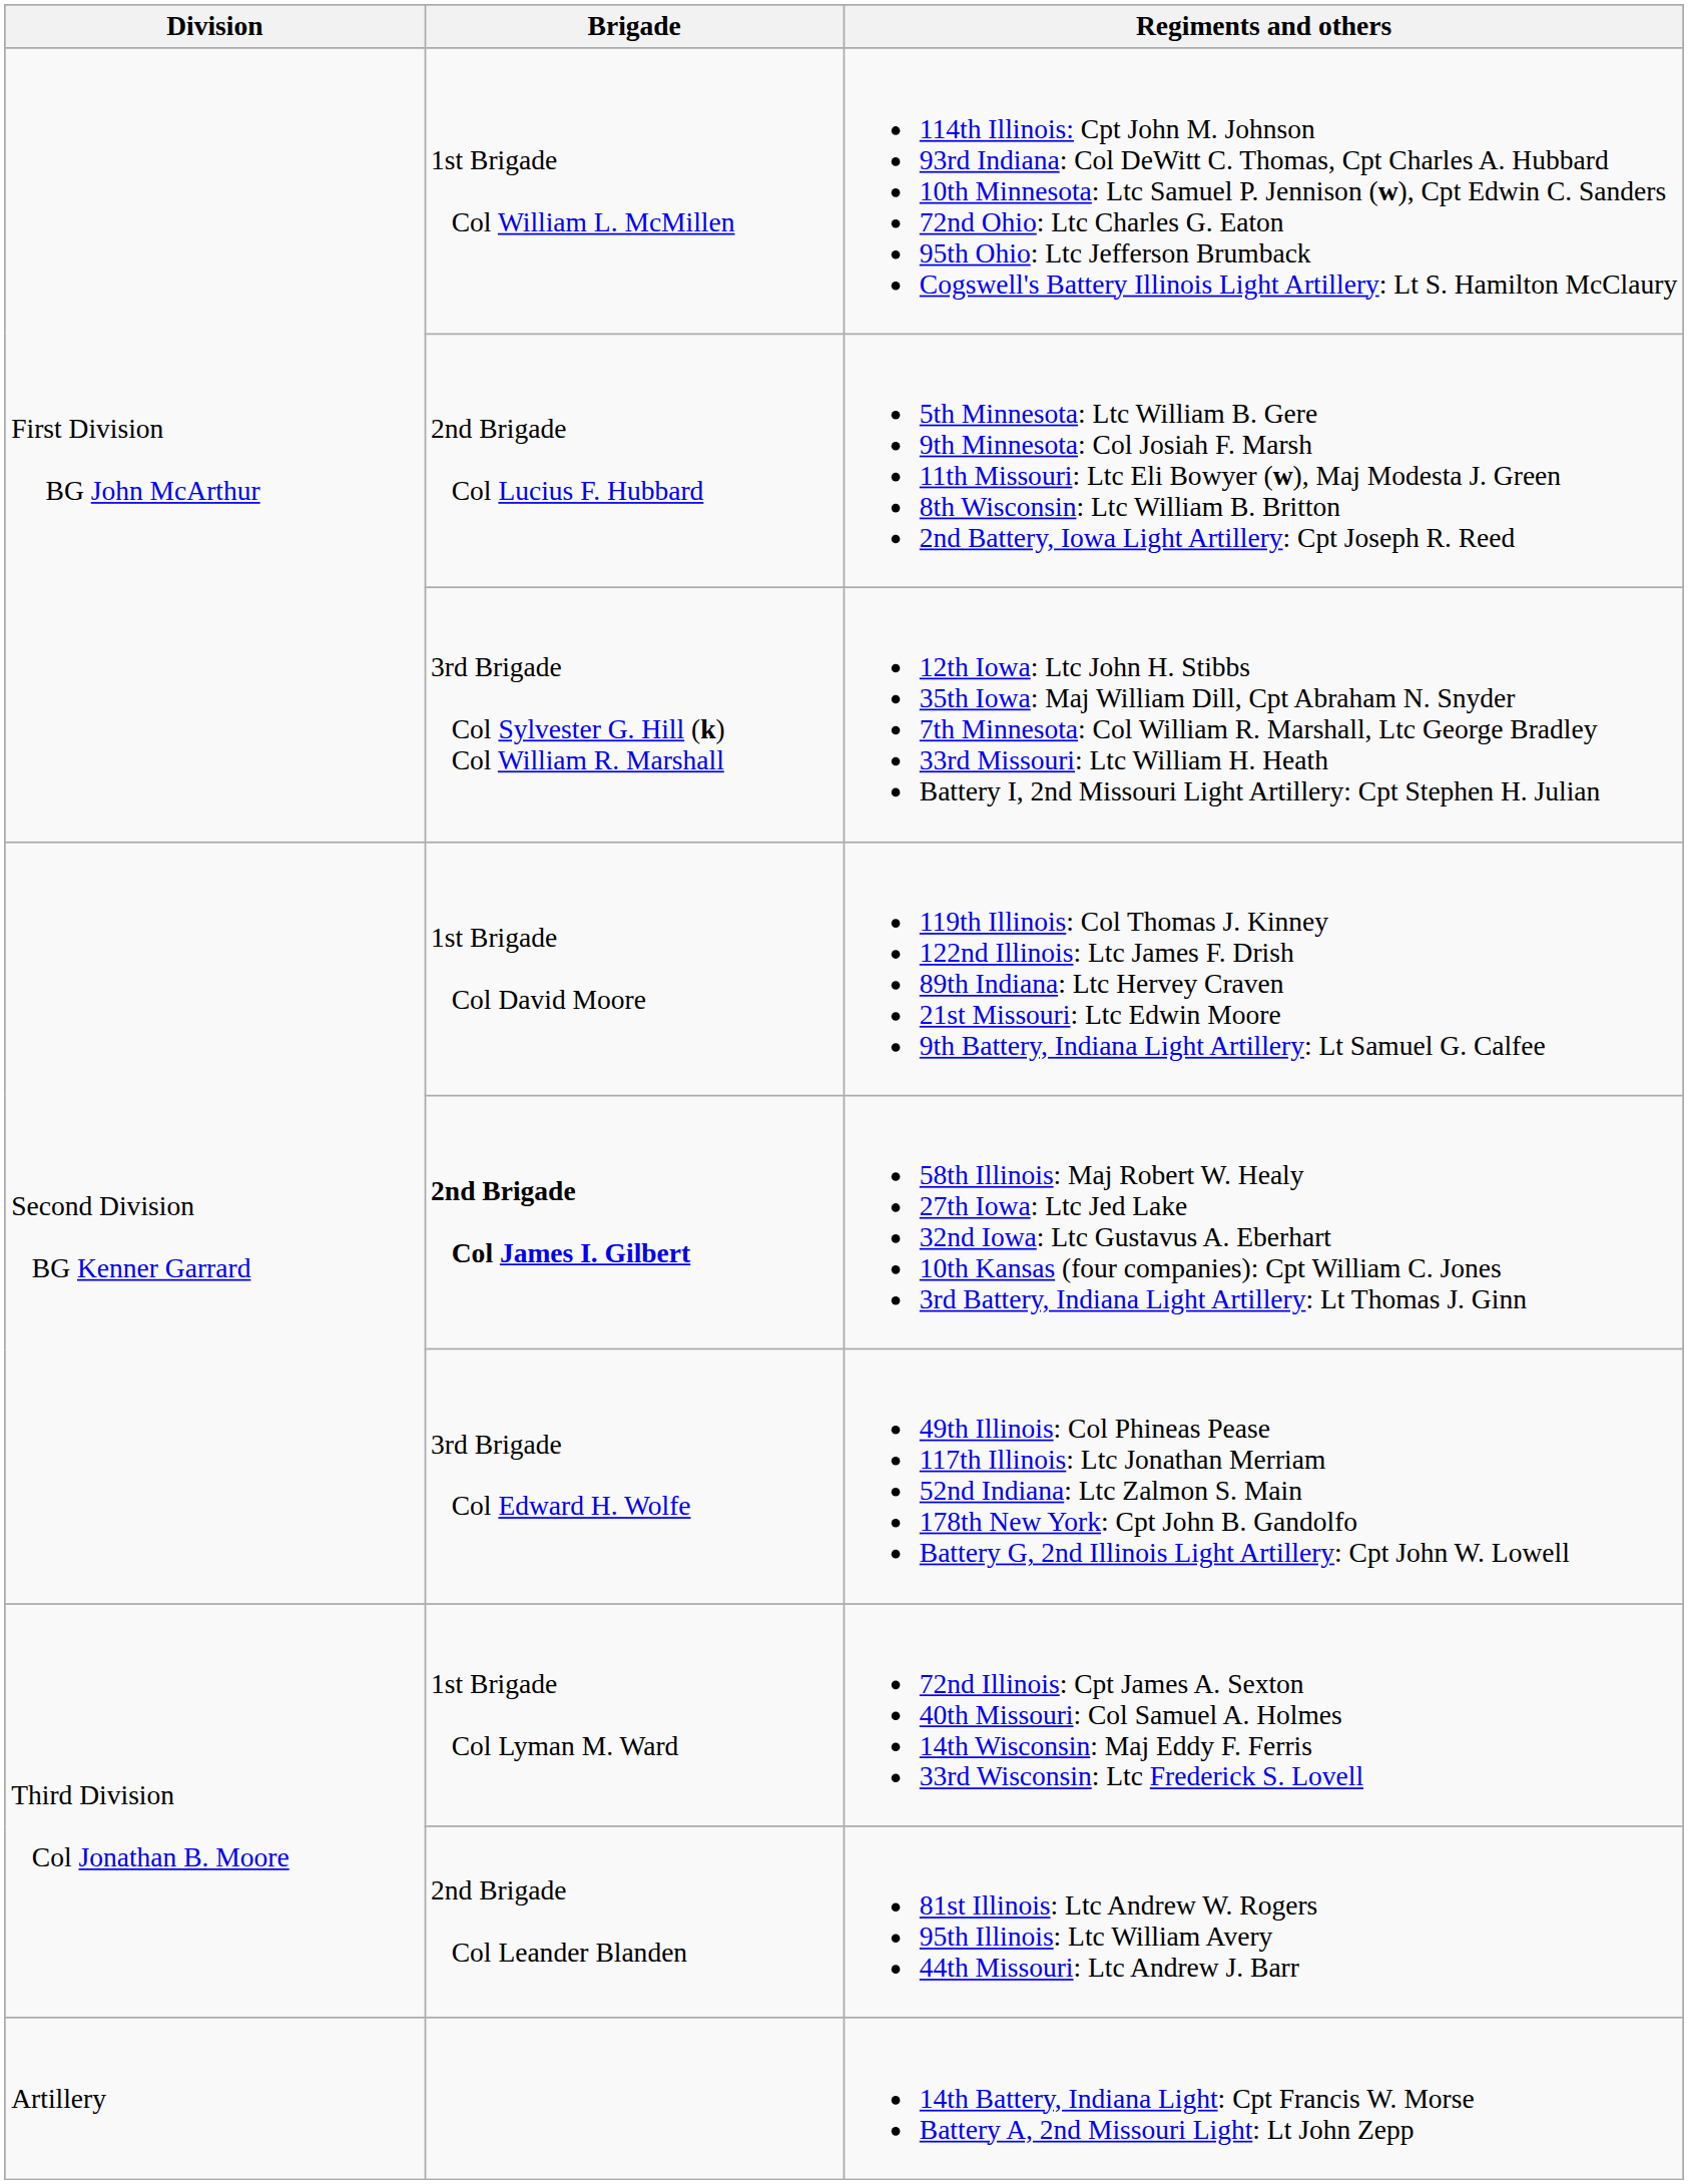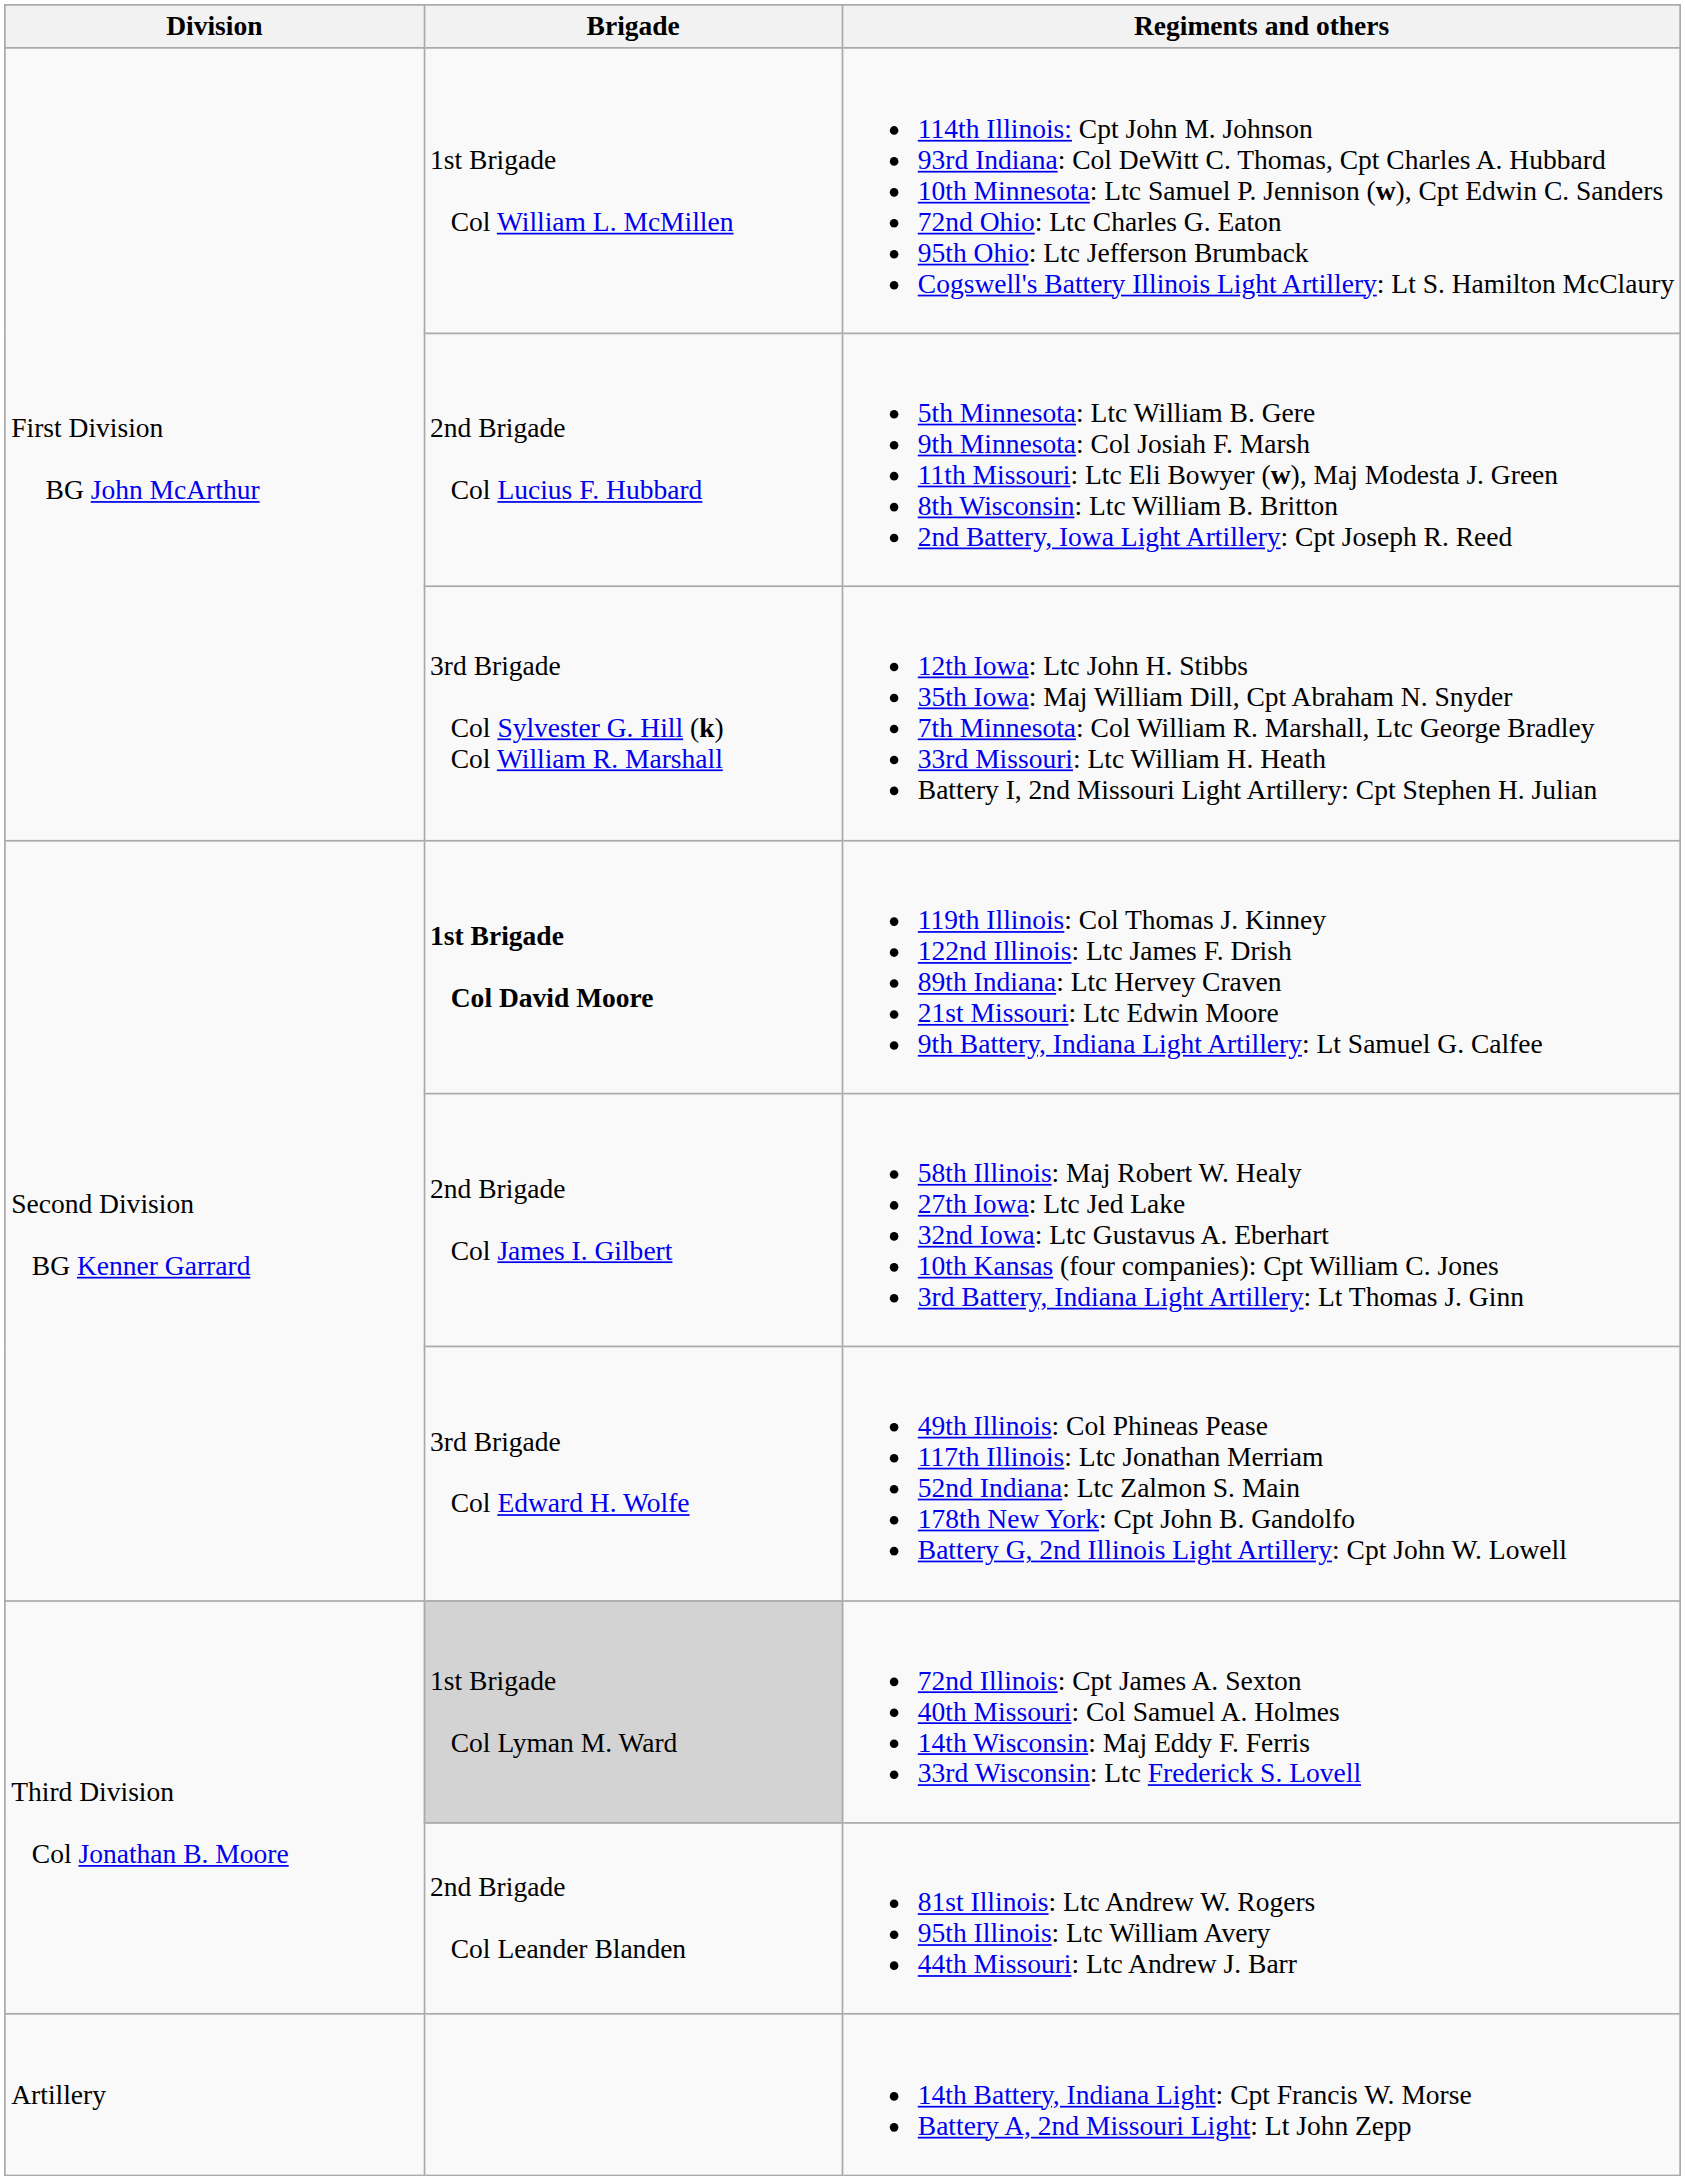 <table class="wikitable">
 <tr>
 <th width=25%>Division</th>
 <th width=25%>Brigade</th>
 <th>Regiments and others</th>
 </tr>
 <tr>
 <td rowspan=3><br>First Division<br><br>     BG <a href='#'>John McArthur</a></td>
 <td>1st Brigade<br><br>   Col <a href='#'>William L. McMillen</a></td>
 <td><br><ul><li><a href='#'>114th Illinois:</a> Cpt John M. Johnson</li><li><a href='#'>93rd Indiana</a>: Col DeWitt C. Thomas, Cpt Charles A. Hubbard</li><li><a href='#'>10th Minnesota</a>: Ltc Samuel P. Jennison (<strong>w</strong>), Cpt Edwin C. Sanders</li><li><a href='#'>72nd Ohio</a>: Ltc Charles G. Eaton</li><li><a href='#'>95th Ohio</a>: Ltc Jefferson Brumback</li><li><a href='#'>Cogswell's Battery Illinois Light Artillery</a>: Lt S. Hamilton McClaury</li></ul></td>
 </tr>
 <tr>
 <td>2nd Brigade<br><br>   Col <a href='#'>Lucius F. Hubbard</a></td>
 <td><br><ul><li><a href='#'>5th Minnesota</a>: Ltc William B. Gere</li><li><a href='#'>9th Minnesota</a>: Col Josiah F. Marsh</li><li><a href='#'>11th Missouri</a>: Ltc Eli Bowyer (<strong>w</strong>), Maj Modesta J. Green</li><li><a href='#'>8th Wisconsin</a>: Ltc William B. Britton</li><li><a href='#'>2nd Battery, Iowa Light Artillery</a>: Cpt Joseph R. Reed</li></ul></td>
 </tr>
 <tr>
 <td>3rd Brigade<br><br>   Col <a href='#'>Sylvester G. Hill</a> (<strong>k</strong>) <br>   Col <a href='#'>William R. Marshall</a></td>
 <td><br><ul><li><a href='#'>12th Iowa</a>: Ltc John H. Stibbs</li><li><a href='#'>35th Iowa</a>: Maj William Dill, Cpt Abraham N. Snyder</li><li><a href='#'>7th Minnesota</a>: Col William R. Marshall, Ltc George Bradley</li><li><a href='#'>33rd Missouri</a>: Ltc William H. Heath</li><li>Battery I, 2nd Missouri Light Artillery: Cpt Stephen H. Julian</li></ul></td>
 </tr>
 <tr>
 <td rowspan=3><br>Second Division<br><br>   BG <a href='#'>Kenner Garrard</a></td>
-<td>1st Brigade<br><br>   Col David Moore</td>
+<td><strong>1st Brigade<br><br>   Col David Moore</strong></td>
 <td><br><ul><li><a href='#'>119th Illinois</a>: Col Thomas J. Kinney</li><li><a href='#'>122nd Illinois</a>: Ltc James F. Drish</li><li><a href='#'>89th Indiana</a>: Ltc Hervey Craven</li><li><a href='#'>21st Missouri</a>: Ltc Edwin Moore</li><li><a href='#'>9th Battery, Indiana Light Artillery</a>: Lt Samuel G. Calfee</li></ul></td>
 </tr>
 <tr>
-<td><strong>2nd Brigade<br><br>   Col <a href='#'>James I. Gilbert</a></strong></td>
+<td>2nd Brigade<br><br>   Col <a href='#'>James I. Gilbert</a></td>
 <td><br><ul><li><a href='#'>58th Illinois</a>: Maj Robert W. Healy</li><li><a href='#'>27th Iowa</a>: Ltc Jed Lake</li><li><a href='#'>32nd Iowa</a>: Ltc Gustavus A. Eberhart</li><li><a href='#'>10th Kansas</a> (four companies): Cpt William C. Jones</li><li><a href='#'>3rd Battery, Indiana Light Artillery</a>: Lt Thomas J. Ginn</li></ul></td>
 </tr>
 <tr>
 <td>3rd Brigade<br><br>   Col <a href='#'>Edward H. Wolfe</a></td>
 <td><br><ul><li><a href='#'>49th Illinois</a>: Col Phineas Pease</li><li><a href='#'>117th Illinois</a>: Ltc Jonathan Merriam</li><li><a href='#'>52nd Indiana</a>: Ltc Zalmon S. Main</li><li><a href='#'>178th New York</a>: Cpt John B. Gandolfo</li><li><a href='#'>Battery G, 2nd Illinois Light Artillery</a>: Cpt John W. Lowell</li></ul></td>
 </tr>
 <tr>
 <td rowspan=2><br>Third Division<br><br>   Col <a href='#'>Jonathan B. Moore</a></td>
-<td>1st Brigade<br><br>   Col Lyman M. Ward</td>
+<td style="background: lightgrey;">1st Brigade<br><br>   Col Lyman M. Ward</td>
 <td><br><ul><li><a href='#'>72nd Illinois</a>: Cpt James A. Sexton</li><li><a href='#'>40th Missouri</a>: Col Samuel A. Holmes</li><li><a href='#'>14th Wisconsin</a>: Maj Eddy F. Ferris</li><li><a href='#'>33rd Wisconsin</a>: Ltc <a href='#'>Frederick S. Lovell</a></li></ul></td>
 </tr>
 <tr>
 <td>2nd Brigade<br><br>   Col Leander Blanden</td>
 <td><br><ul><li><a href='#'>81st Illinois</a>: Ltc Andrew W. Rogers</li><li><a href='#'>95th Illinois</a>: Ltc William Avery</li><li><a href='#'>44th Missouri</a>: Ltc Andrew J. Barr</li></ul></td>
 </tr>
 <tr>
 <td>Artillery</td>
 <td></td>
 <td><br><ul><li><a href='#'>14th Battery, Indiana Light</a>: Cpt Francis W. Morse</li><li><a href='#'>Battery A, 2nd Missouri Light</a>: Lt John Zepp</li></ul></td>
 </tr>
 </table>
